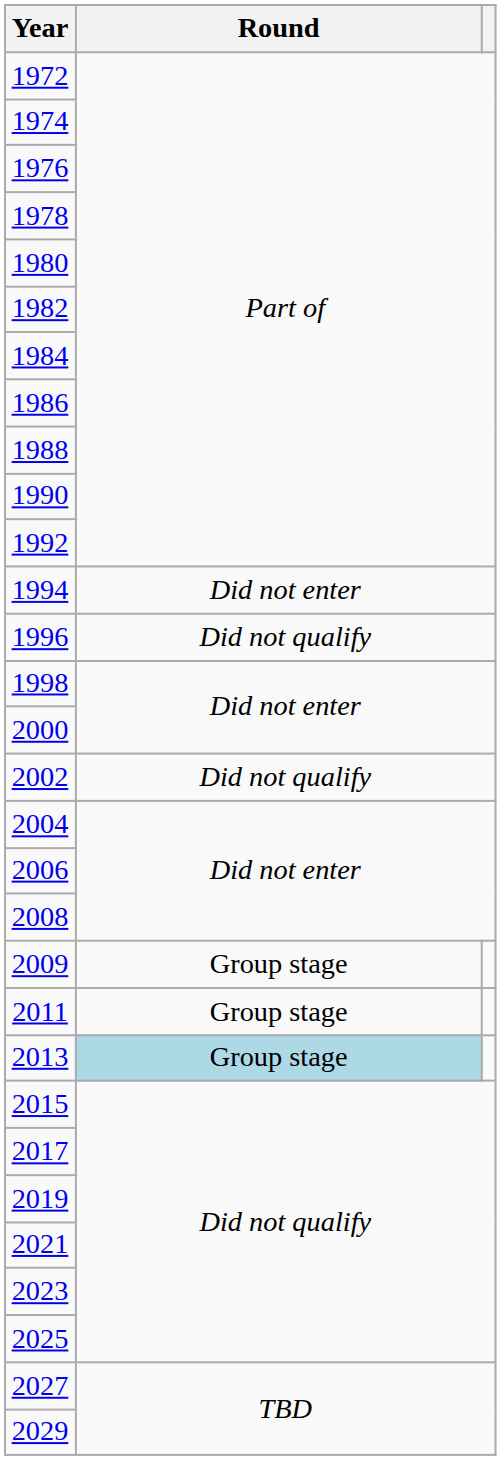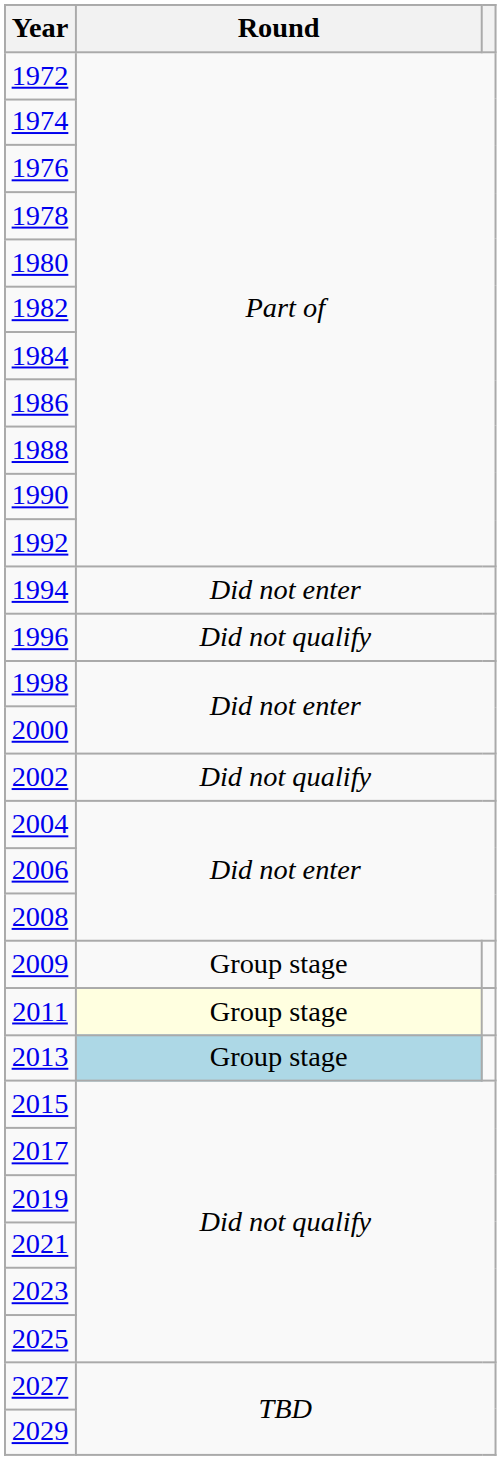 <table class="wikitable" style="text-align: center; font-size:90%">
 <tr>
 <th>Year</th>
 <th style="width:200px">Round</th>
 <th></th>
 </tr>
 <tr>
 <td><a href='#'>1972</a></td>
 <td colspan="2" rowspan="11"><em>Part of </em></td>
 </tr>
 <tr>
 <td><a href='#'>1974</a></td>
 </tr>
 <tr>
 <td><a href='#'>1976</a></td>
 </tr>
 <tr>
 <td><a href='#'>1978</a></td>
 </tr>
 <tr>
 <td><a href='#'>1980</a></td>
 </tr>
 <tr>
 <td><a href='#'>1982</a></td>
 </tr>
 <tr>
 <td><a href='#'>1984</a></td>
 </tr>
 <tr>
 <td><a href='#'>1986</a></td>
 </tr>
 <tr>
 <td><a href='#'>1988</a></td>
 </tr>
 <tr>
 <td><a href='#'>1990</a></td>
 </tr>
 <tr>
 <td><a href='#'>1992</a></td>
 </tr>
 <tr>
 <td><a href='#'>1994</a></td>
 <td colspan="2"><em>Did not enter</em></td>
 </tr>
 <tr>
 <td><a href='#'>1996</a></td>
 <td colspan="2"><em>Did not qualify</em></td>
 </tr>
 <tr>
 <td><a href='#'>1998</a></td>
 <td colspan="2" rowspan="2"><em>Did not enter</em></td>
 </tr>
 <tr>
 <td><a href='#'>2000</a></td>
 </tr>
 <tr>
 <td><a href='#'>2002</a></td>
 <td colspan="2"><em>Did not qualify</em></td>
 </tr>
 <tr>
 <td><a href='#'>2004</a></td>
 <td colspan="2" rowspan="3"><em>Did not enter</em></td>
 </tr>
 <tr>
 <td><a href='#'>2006</a></td>
 </tr>
 <tr>
 <td><a href='#'>2008</a></td>
 </tr>
 <tr>
 <td><a href='#'>2009</a></td>
 <td>Group stage</td>
 <td></td>
 </tr>
 <tr>
 <td><a href='#'>2011</a></td>
-<td>Group stage</td>
+<td style="background: lightyellow;">Group stage</td>
 <td></td>
 </tr>
 <tr>
 <td><a href='#'>2013</a></td>
 <td style="background: lightblue;">Group stage</td>
 <td></td>
 </tr>
 <tr>
 <td><a href='#'>2015</a></td>
 <td colspan="2" rowspan="6"><em>Did not qualify</em></td>
 </tr>
 <tr>
 <td><a href='#'>2017</a></td>
 </tr>
 <tr>
 <td><a href='#'>2019</a></td>
 </tr>
 <tr>
 <td><a href='#'>2021</a></td>
 </tr>
 <tr>
 <td><a href='#'>2023</a></td>
 </tr>
 <tr>
 <td><a href='#'>2025</a></td>
 </tr>
 <tr>
 <td><a href='#'>2027</a></td>
 <td colspan="2" rowspan="2"><em>TBD</em></td>
 </tr>
 <tr>
 <td><a href='#'>2029</a></td>
 </tr>
 </table>
